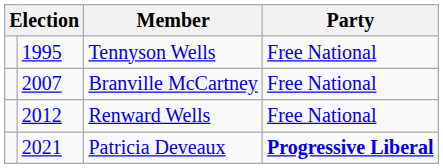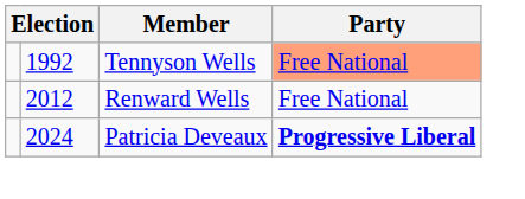 <table class="wikitable">
 <tr>
 <th colspan="2">Election</th>
 <th>Member</th>
 <th>Party</th>
 </tr>
 <tr>
 <td style="background-color: "></td>
-<td><a href='#'>1995</a></td>
+<td><a href='#'>1992</a></td>
 <td><a href='#'>Tennyson Wells</a></td>
-<td><a href='#'>Free National</a></td>
-</tr>
-<tr>
-<td style="background-color: "></td>
-<td><a href='#'>2007</a></td>
-<td><a href='#'>Branville McCartney</a></td>
-<td><a href='#'>Free National</a></td>
+<td style="background: lightsalmon;"><a href='#'>Free National</a></td>
 </tr>
 <tr>
 <td style="background-color: "></td>
 <td><a href='#'>2012</a></td>
 <td><a href='#'>Renward Wells</a></td>
 <td><a href='#'>Free National</a></td>
 </tr>
 <tr>
 <td style="background-color: "></td>
-<td><a href='#'>2021</a></td>
+<td><a href='#'>2024</a></td>
 <td><a href='#'>Patricia Deveaux</a></td>
 <td><strong><a href='#'>Progressive Liberal</a></strong></td>
 </tr>
 </table>
